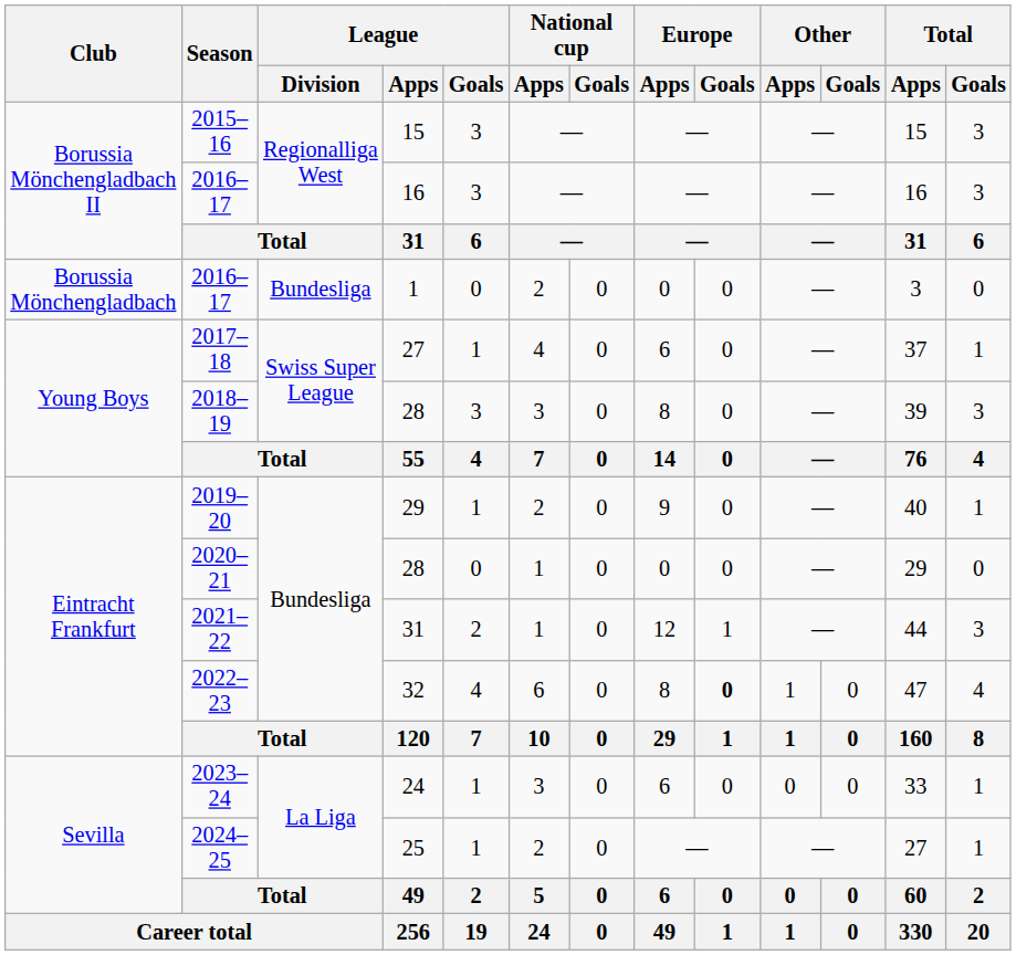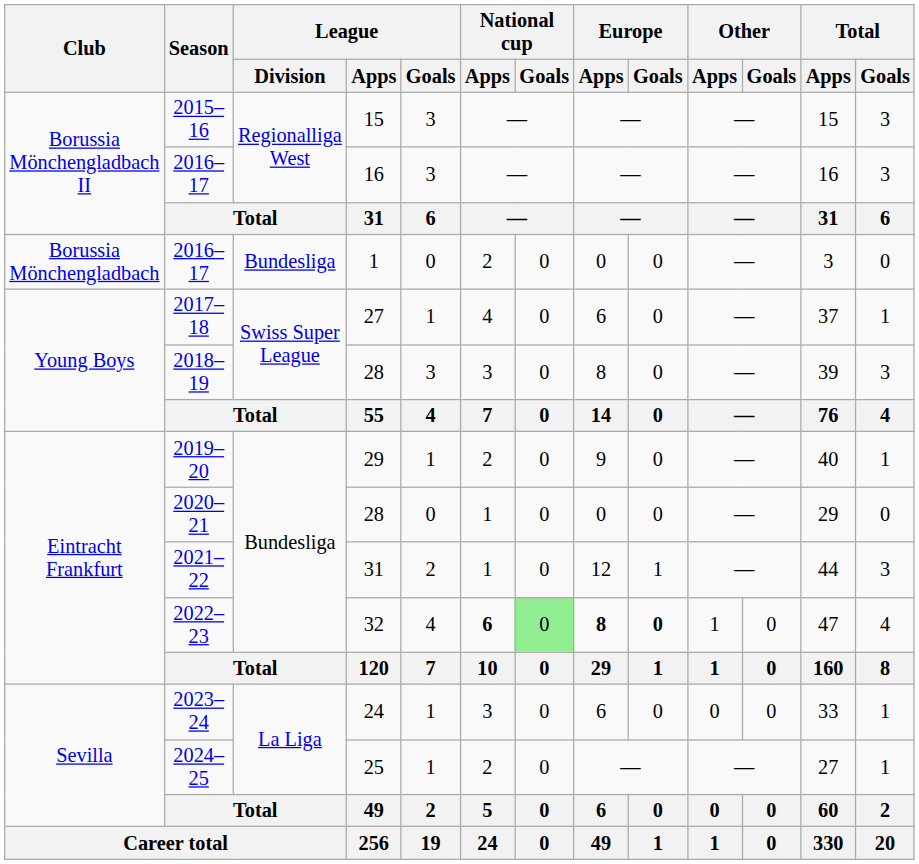 <table class="wikitable" style="text-align: center">
 <tr>
 <th rowspan="2">Club</th>
 <th rowspan="2">Season</th>
 <th colspan="3">League</th>
 <th colspan="2">National cup</th>
 <th colspan="2">Europe</th>
 <th colspan="2">Other</th>
 <th colspan="2">Total</th>
 </tr>
 <tr>
 <th>Division</th>
 <th>Apps</th>
 <th>Goals</th>
 <th>Apps</th>
 <th>Goals</th>
 <th>Apps</th>
 <th>Goals</th>
 <th>Apps</th>
 <th>Goals</th>
 <th>Apps</th>
 <th>Goals</th>
 </tr>
 <tr>
 <td rowspan="3"><a href='#'>Borussia Mönchengladbach II</a></td>
 <td><a href='#'>2015–16</a></td>
 <td rowspan="2"><a href='#'>Regionalliga West</a></td>
 <td>15</td>
 <td>3</td>
 <td colspan="2">—</td>
 <td colspan="2">—</td>
 <td colspan="2">—</td>
 <td>15</td>
 <td>3</td>
 </tr>
 <tr>
 <td><a href='#'>2016–17</a></td>
 <td>16</td>
 <td>3</td>
 <td colspan="2">—</td>
 <td colspan="2">—</td>
 <td colspan="2">—</td>
 <td>16</td>
 <td>3</td>
 </tr>
 <tr>
 <th colspan="2">Total</th>
 <th>31</th>
 <th>6</th>
 <th colspan="2">—</th>
 <th colspan="2">—</th>
 <th colspan="2">—</th>
 <th>31</th>
 <th>6</th>
 </tr>
 <tr>
 <td><a href='#'>Borussia Mönchengladbach</a></td>
 <td><a href='#'>2016–17</a></td>
 <td><a href='#'>Bundesliga</a></td>
 <td>1</td>
 <td>0</td>
 <td>2</td>
 <td>0</td>
 <td>0</td>
 <td>0</td>
 <td colspan="2">—</td>
 <td>3</td>
 <td>0</td>
 </tr>
 <tr>
 <td rowspan="3"><a href='#'>Young Boys</a></td>
 <td><a href='#'>2017–18</a></td>
 <td rowspan="2"><a href='#'>Swiss Super League</a></td>
 <td>27</td>
 <td>1</td>
 <td>4</td>
 <td>0</td>
 <td>6</td>
 <td>0</td>
 <td colspan="2">—</td>
 <td>37</td>
 <td>1</td>
 </tr>
 <tr>
 <td><a href='#'>2018–19</a></td>
 <td>28</td>
 <td>3</td>
 <td>3</td>
 <td>0</td>
 <td>8</td>
 <td>0</td>
 <td colspan="2">—</td>
 <td>39</td>
 <td>3</td>
 </tr>
 <tr>
 <th colspan="2">Total</th>
 <th>55</th>
 <th>4</th>
 <th>7</th>
 <th>0</th>
 <th>14</th>
 <th>0</th>
 <th colspan="2">—</th>
 <th>76</th>
 <th>4</th>
 </tr>
 <tr>
 <td rowspan="5"><a href='#'>Eintracht Frankfurt</a></td>
 <td><a href='#'>2019–20</a></td>
 <td rowspan="4">Bundesliga</td>
 <td>29</td>
 <td>1</td>
 <td>2</td>
 <td>0</td>
 <td>9</td>
 <td>0</td>
 <td colspan="2">—</td>
 <td>40</td>
 <td>1</td>
 </tr>
 <tr>
 <td><a href='#'>2020–21</a></td>
 <td>28</td>
 <td>0</td>
 <td>1</td>
 <td>0</td>
 <td>0</td>
 <td>0</td>
 <td colspan="2">—</td>
 <td>29</td>
 <td>0</td>
 </tr>
 <tr>
 <td><a href='#'>2021–22</a></td>
 <td>31</td>
 <td>2</td>
 <td>1</td>
 <td>0</td>
 <td>12</td>
 <td>1</td>
 <td colspan="2">—</td>
 <td>44</td>
 <td>3</td>
 </tr>
 <tr>
 <td><a href='#'>2022–23</a></td>
 <td>32</td>
 <td>4</td>
-<td>6</td>
-<td>0</td>
-<td>8</td>
+<td><strong>6</strong></td>
+<td style="background: lightgreen;">0</td>
+<td><strong>8</strong></td>
 <td><strong>0</strong></td>
 <td>1</td>
 <td>0</td>
 <td>47</td>
 <td>4</td>
 </tr>
 <tr>
 <th colspan="2">Total</th>
 <th>120</th>
 <th>7</th>
 <th>10</th>
 <th>0</th>
 <th>29</th>
 <th>1</th>
 <th>1</th>
 <th>0</th>
 <th>160</th>
 <th>8</th>
 </tr>
 <tr>
 <td rowspan="3"><a href='#'>Sevilla</a></td>
 <td><a href='#'>2023–24</a></td>
 <td rowspan="2"><a href='#'>La Liga</a></td>
 <td>24</td>
 <td>1</td>
 <td>3</td>
 <td>0</td>
 <td>6</td>
 <td>0</td>
 <td>0</td>
 <td>0</td>
 <td>33</td>
 <td>1</td>
 </tr>
 <tr>
 <td><a href='#'>2024–25</a></td>
 <td>25</td>
 <td>1</td>
 <td>2</td>
 <td>0</td>
 <td colspan="2">—</td>
 <td colspan="2">—</td>
 <td>27</td>
 <td>1</td>
 </tr>
 <tr>
 <th colspan="2">Total</th>
 <th>49</th>
 <th>2</th>
 <th>5</th>
 <th>0</th>
 <th>6</th>
 <th>0</th>
 <th>0</th>
 <th>0</th>
 <th>60</th>
 <th>2</th>
 </tr>
 <tr>
 <th colspan="3">Career total</th>
 <th>256</th>
 <th>19</th>
 <th>24</th>
 <th>0</th>
 <th>49</th>
 <th>1</th>
 <th>1</th>
 <th>0</th>
 <th>330</th>
 <th>20</th>
 </tr>
 </table>
